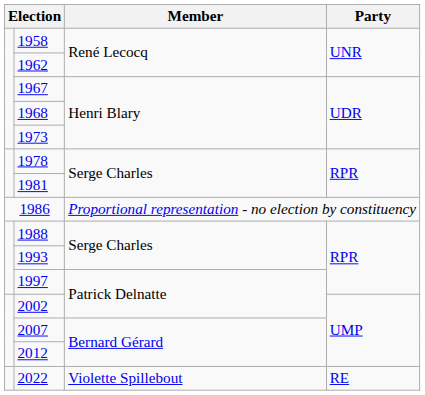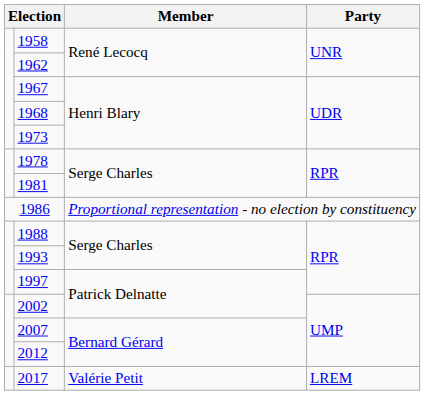 <table class="wikitable">
 <tr>
 <th colspan="2">Election</th>
 <th>Member</th>
 <th>Party</th>
 </tr>
 <tr>
 <td rowspan="5" style="color:inherit;background-color: "></td>
 <td><a href='#'>1958</a></td>
 <td rowspan="2">René Lecocq</td>
 <td rowspan="2"><a href='#'>UNR</a></td>
 </tr>
 <tr>
 <td><a href='#'>1962</a></td>
 </tr>
 <tr>
 <td><a href='#'>1967</a></td>
 <td rowspan="3">Henri Blary</td>
 <td rowspan="3"><a href='#'>UDR</a></td>
 </tr>
 <tr>
 <td><a href='#'>1968</a></td>
 </tr>
 <tr>
 <td><a href='#'>1973</a></td>
 </tr>
 <tr>
 <td rowspan="2" style="color:inherit;background-color: "></td>
 <td><a href='#'>1978</a></td>
 <td rowspan="2">Serge Charles</td>
 <td rowspan="2"><a href='#'>RPR</a></td>
 </tr>
 <tr>
 <td><a href='#'>1981</a></td>
 </tr>
 <tr>
 <td colspan="2" align="center"><a href='#'>1986</a></td>
 <td colspan="2"><em><a href='#'>Proportional representation</a> - no election by constituency</em></td>
 </tr>
 <tr>
 <td rowspan="3" style="color:inherit;background-color: "></td>
 <td><a href='#'>1988</a></td>
 <td rowspan="2">Serge Charles</td>
 <td rowspan="3"><a href='#'>RPR</a></td>
 </tr>
 <tr>
 <td><a href='#'>1993</a></td>
 </tr>
 <tr>
 <td><a href='#'>1997</a></td>
 <td rowspan="2">Patrick Delnatte</td>
 </tr>
 <tr>
 <td rowspan="3" style="color:inherit;background-color: "></td>
 <td><a href='#'>2002</a></td>
 <td rowspan="3"><a href='#'>UMP</a></td>
 </tr>
 <tr>
 <td><a href='#'>2007</a></td>
 <td rowspan="2"><a href='#'>Bernard Gérard</a></td>
 </tr>
 <tr>
 <td><a href='#'>2012</a></td>
 </tr>
 <tr>
 <td style="color:inherit;background-color: "></td>
-<td><a href='#'>2022</a></td>
-<td><a href='#'>Violette Spillebout</a></td>
-<td><a href='#'>RE</a></td>
+<td><a href='#'>2017</a></td>
+<td><a href='#'>Valérie Petit</a></td>
+<td><a href='#'>LREM</a></td>
 </tr>
 </table>
